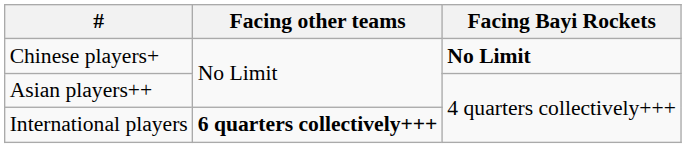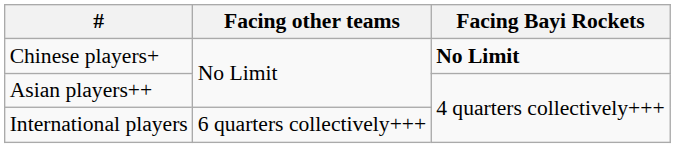 <table class="wikitable">
 <tr>
 <th>#</th>
 <th>Facing other teams</th>
 <th>Facing Bayi Rockets</th>
 </tr>
 <tr>
 <td>Chinese players+</td>
 <td rowspan=2>No Limit</td>
 <td><strong>No Limit</strong></td>
 </tr>
 <tr>
 <td>Asian players++</td>
 <td rowspan=2>4 quarters collectively+++</td>
 </tr>
 <tr>
 <td>International players</td>
-<td><strong>6 quarters collectively+++</strong></td>
+<td>6 quarters collectively+++</td>
 </tr>
 </table>
